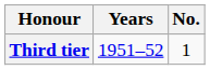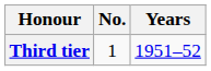 <table class="wikitable plainrowheaders">
 <tr>
 <th scope=col>Honour</th>
+<th scope=col>No.</th>
 <th scope=col>Years</th>
-<th scope=col>No.</th>
 </tr>
 <tr>
 <th scope=row><a href='#'>Third tier</a></th>
+<td align=center>1</td>
 <td><a href='#'>1951–52</a></td>
-<td align=center>1</td>
 </tr>
 </table>
